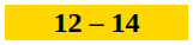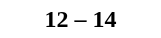 <table>
 <tr>
 <th width=200></th>
 <th width=100></th>
 <th width=200></th>
 </tr>
 <tr>
 <td align=right></td>
-<td align=center style="background: gold;"><strong>12 – 14</strong></td>
+<td align=center><strong>12 – 14</strong></td>
 <td></td>
 </tr>
 </table>
